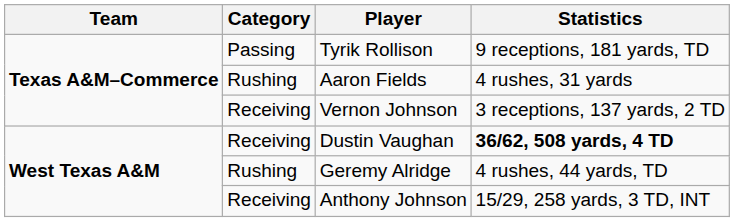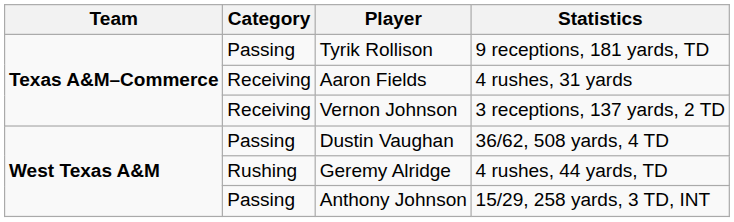 <table class="wikitable" style="float: left;">
 <tr>
 <th>Team</th>
 <th>Category</th>
 <th>Player</th>
 <th>Statistics</th>
 </tr>
 <tr>
 <td rowspan=3><strong>Texas A&M–Commerce</strong></td>
 <td>Passing</td>
 <td>Tyrik Rollison</td>
 <td>9 receptions, 181 yards, TD</td>
 </tr>
 <tr>
-<td>Rushing</td>
+<td>Receiving</td>
 <td>Aaron Fields</td>
 <td>4 rushes, 31 yards</td>
 </tr>
 <tr>
 <td>Receiving</td>
 <td>Vernon Johnson</td>
 <td>3 receptions, 137 yards, 2 TD</td>
 </tr>
 <tr>
 <td rowspan=3><strong>West Texas A&M</strong></td>
-<td>Receiving</td>
+<td>Passing</td>
 <td>Dustin Vaughan</td>
-<td><strong>36/62, 508 yards, 4 TD</strong></td>
+<td>36/62, 508 yards, 4 TD</td>
 </tr>
 <tr>
 <td>Rushing</td>
 <td>Geremy Alridge</td>
 <td>4 rushes, 44 yards, TD</td>
 </tr>
 <tr>
-<td>Receiving</td>
+<td>Passing</td>
 <td>Anthony Johnson</td>
 <td>15/29, 258 yards, 3 TD, INT</td>
 </tr>
 </table>
